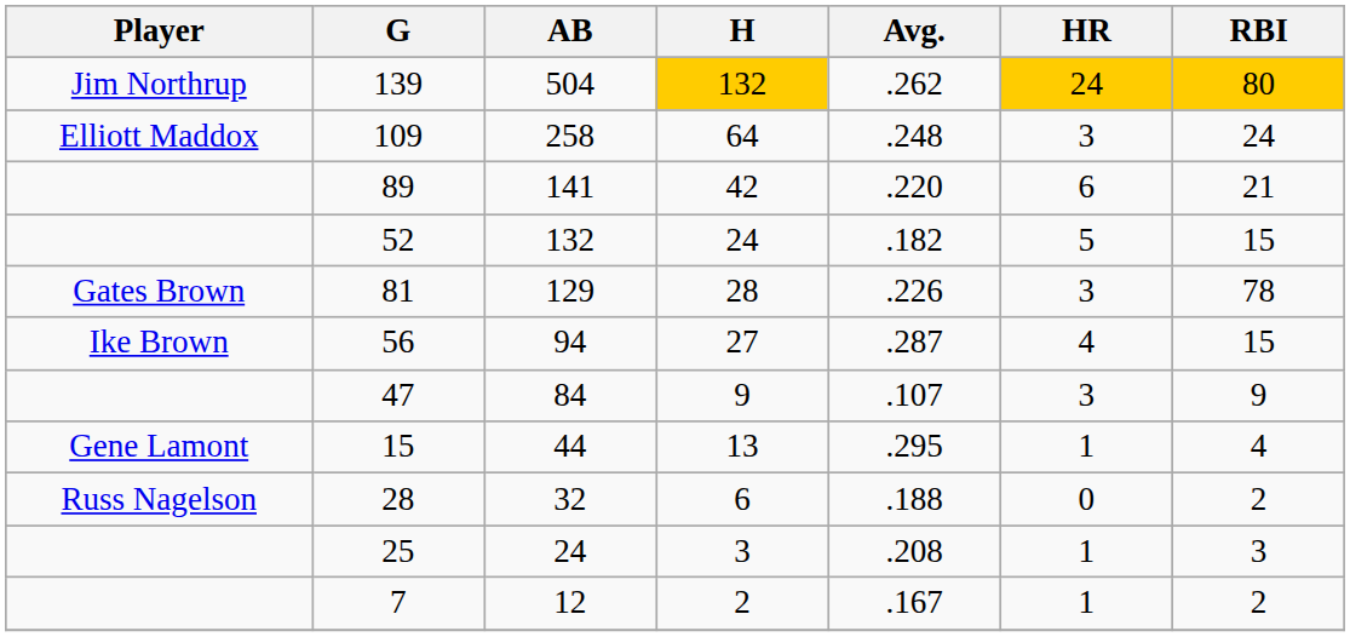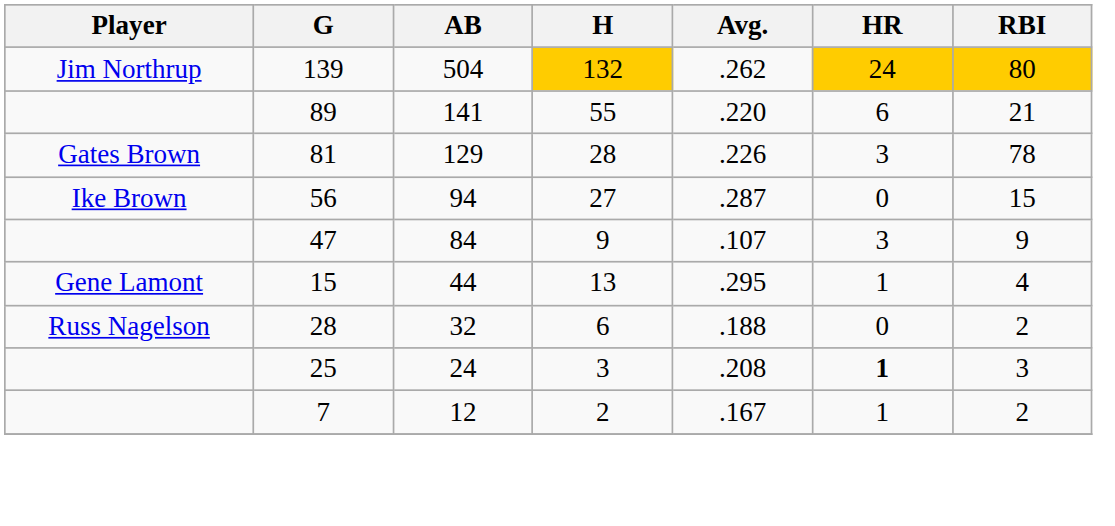 <table class="wikitable sortable">
 <tr>
 <th bgcolor="#DDDDFF" width="16%">Player</th>
 <th bgcolor="#DDDDFF" width="9%">G</th>
 <th bgcolor="#DDDDFF" width="9%">AB</th>
 <th bgcolor="#DDDDFF" width="9%">H</th>
 <th bgcolor="#DDDDFF" width="9%">Avg.</th>
 <th bgcolor="#DDDDFF" width="9%">HR</th>
 <th bgcolor="#DDDDFF" width="9%">RBI</th>
 </tr>
 <tr align="center">
 <td><a href='#'>Jim Northrup</a></td>
 <td>139</td>
 <td>504</td>
 <td style="background:#fc0;">132</td>
 <td>.262</td>
 <td style="background:#fc0;">24</td>
 <td style="background:#fc0;">80</td>
 </tr>
 <tr align="center">
-<td><a href='#'>Elliott Maddox</a></td>
-<td>109</td>
-<td>258</td>
-<td>64</td>
-<td>.248</td>
-<td>3</td>
-<td>24</td>
-</tr>
-<tr align="center">
 <td></td>
 <td>89</td>
 <td>141</td>
-<td>42</td>
+<td>55</td>
 <td>.220</td>
 <td>6</td>
 <td>21</td>
-</tr>
-<tr align="center">
-<td></td>
-<td>52</td>
-<td>132</td>
-<td>24</td>
-<td>.182</td>
-<td>5</td>
-<td>15</td>
 </tr>
 <tr align="center">
 <td><a href='#'>Gates Brown</a></td>
 <td>81</td>
 <td>129</td>
 <td>28</td>
 <td>.226</td>
 <td>3</td>
 <td>78</td>
 </tr>
 <tr align="center">
 <td><a href='#'>Ike Brown</a></td>
 <td>56</td>
 <td>94</td>
 <td>27</td>
 <td>.287</td>
-<td>4</td>
+<td>0</td>
 <td>15</td>
 </tr>
 <tr align="center">
 <td></td>
 <td>47</td>
 <td>84</td>
 <td>9</td>
 <td>.107</td>
 <td>3</td>
 <td>9</td>
 </tr>
 <tr align="center">
 <td><a href='#'>Gene Lamont</a></td>
 <td>15</td>
 <td>44</td>
 <td>13</td>
 <td>.295</td>
 <td>1</td>
 <td>4</td>
 </tr>
 <tr align="center">
 <td><a href='#'>Russ Nagelson</a></td>
 <td>28</td>
 <td>32</td>
 <td>6</td>
 <td>.188</td>
 <td>0</td>
 <td>2</td>
 </tr>
 <tr align="center">
 <td></td>
 <td>25</td>
 <td>24</td>
 <td>3</td>
 <td>.208</td>
-<td>1</td>
+<td><strong>1</strong></td>
 <td>3</td>
 </tr>
 <tr align="center">
 <td></td>
 <td>7</td>
 <td>12</td>
 <td>2</td>
 <td>.167</td>
 <td>1</td>
 <td>2</td>
 </tr>
 <tr align="center">
 </tr>
 </table>
